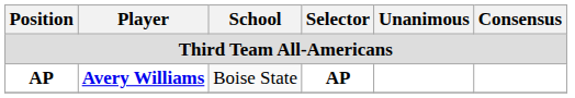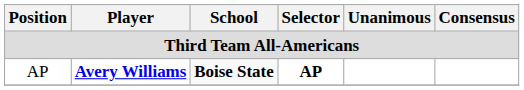 <table class="wikitable" border="0">
 <tr>
 <th>Position</th>
 <th>Player</th>
 <th>School</th>
 <th>Selector</th>
 <th>Unanimous</th>
 <th>Consensus</th>
 </tr>
 <tr>
 <td colspan="6" style="text-align:center; background:#ddd;"><strong>Third Team All-Americans</strong></td>
 </tr>
 <tr style="text-align:center;">
-<td style="background:white"><strong>AP</strong></td>
+<td style="background:white">AP</td>
 <td style="background:white"><strong><a href='#'>Avery Williams</a></strong></td>
-<td style=>Boise State</td>
+<td style=><strong>Boise State</strong></td>
 <td style="background:white"><strong>AP</strong></td>
 <td style="background:white"></td>
 <td style="background:white"></td>
 </tr>
 <tr>
 </tr>
 </table>
